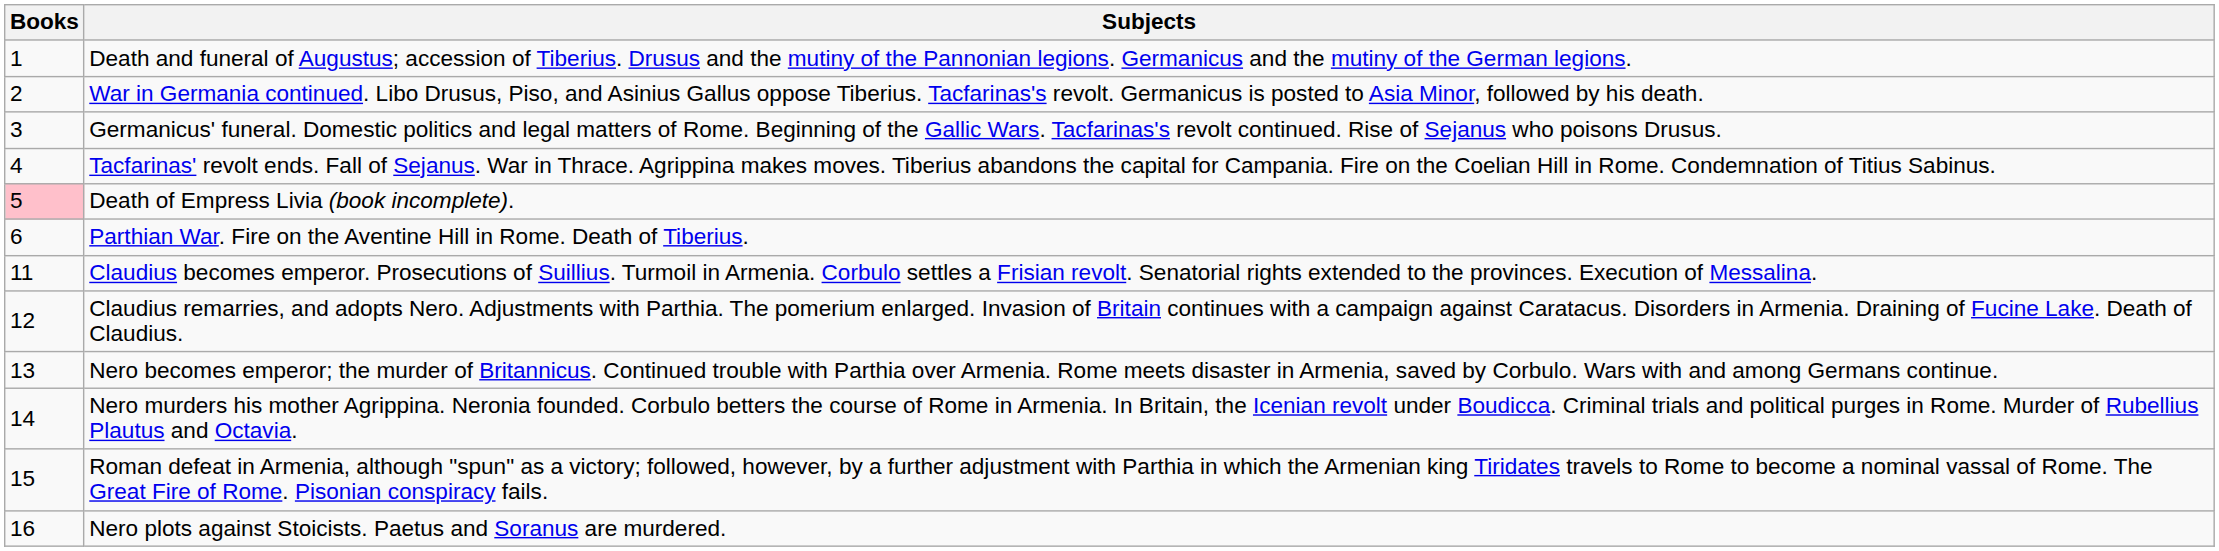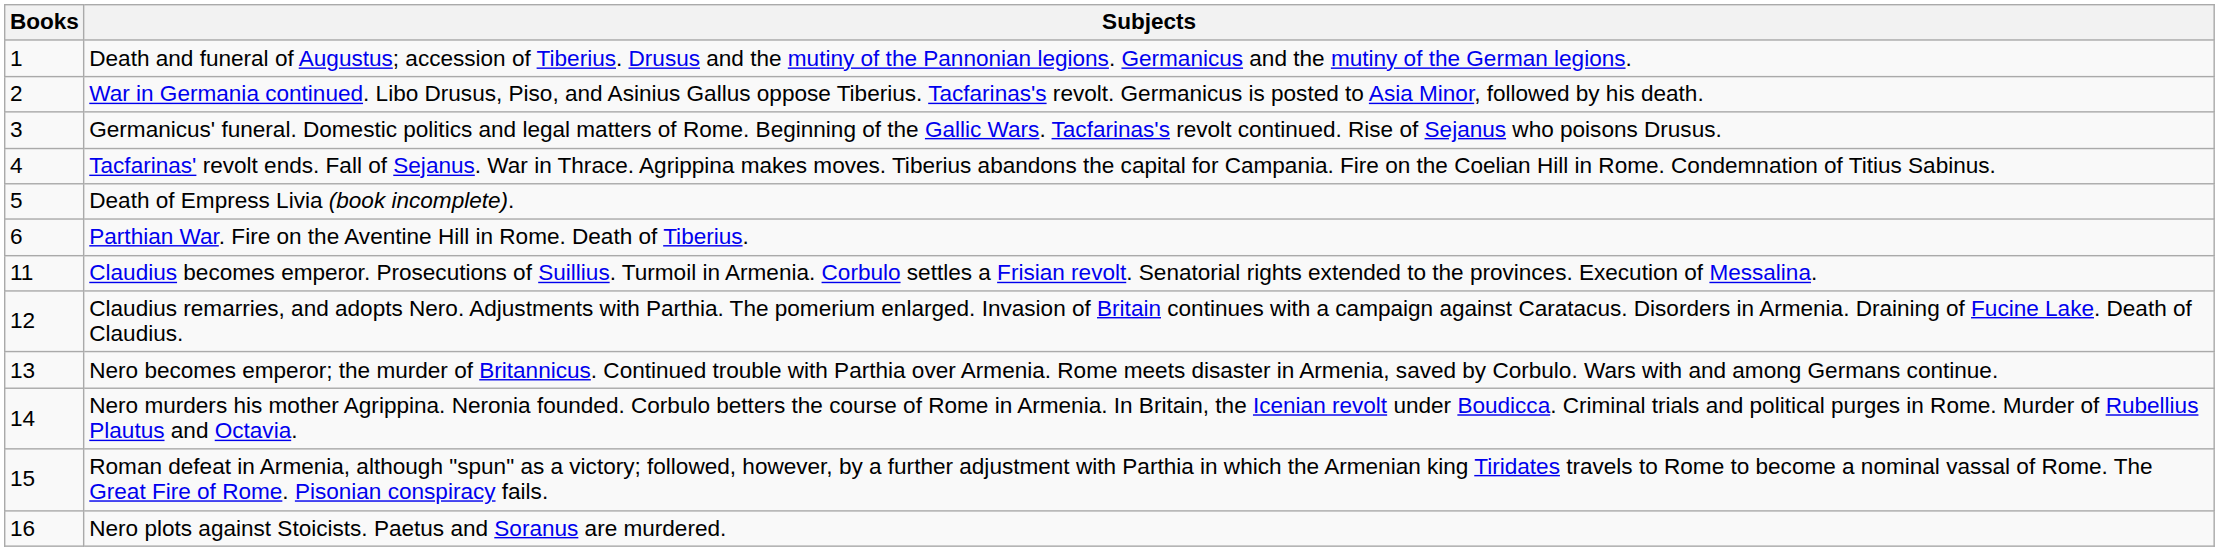 <table class="wikitable">
 <tr>
 <th>Books</th>
 <th>Subjects</th>
 </tr>
 <tr>
 <td>1</td>
 <td>Death and funeral of <a href='#'>Augustus</a>; accession of <a href='#'>Tiberius</a>. <a href='#'>Drusus</a> and the <a href='#'>mutiny of the Pannonian legions</a>. <a href='#'>Germanicus</a> and the <a href='#'>mutiny of the German legions</a>.</td>
 </tr>
 <tr>
 <td>2</td>
 <td><a href='#'>War in Germania continued</a>. Libo Drusus, Piso, and Asinius Gallus oppose Tiberius. <a href='#'>Tacfarinas's</a> revolt. Germanicus is posted to <a href='#'>Asia Minor</a>, followed by his death.</td>
 </tr>
 <tr>
 <td>3</td>
 <td>Germanicus' funeral. Domestic politics and legal matters of Rome. Beginning of the <a href='#'>Gallic Wars</a>. <a href='#'>Tacfarinas's</a> revolt continued. Rise of <a href='#'>Sejanus</a> who poisons Drusus.</td>
 </tr>
 <tr>
 <td>4</td>
 <td><a href='#'>Tacfarinas'</a> revolt ends. Fall of <a href='#'>Sejanus</a>. War in Thrace. Agrippina makes moves. Tiberius abandons the capital for Campania. Fire on the Coelian Hill in Rome. Condemnation of Titius Sabinus.</td>
 </tr>
 <tr>
-<td style="background: pink;">5</td>
+<td>5</td>
 <td>Death of Empress Livia <em>(book incomplete)</em>.</td>
 </tr>
 <tr>
 <td>6</td>
 <td><a href='#'>Parthian War</a>. Fire on the Aventine Hill in Rome. Death of <a href='#'>Tiberius</a>.</td>
 </tr>
 <tr>
 <td>11</td>
 <td><a href='#'>Claudius</a> becomes emperor. Prosecutions of <a href='#'>Suillius</a>. Turmoil in Armenia. <a href='#'>Corbulo</a> settles a <a href='#'>Frisian revolt</a>. Senatorial rights extended to the provinces. Execution of <a href='#'>Messalina</a>.</td>
 </tr>
 <tr>
 <td>12</td>
 <td>Claudius remarries, and adopts Nero. Adjustments with Parthia. The pomerium enlarged. Invasion of <a href='#'>Britain</a> continues with a campaign against Caratacus. Disorders in Armenia. Draining of <a href='#'>Fucine Lake</a>. Death of Claudius.</td>
 </tr>
 <tr>
 <td>13</td>
 <td>Nero becomes emperor; the murder of <a href='#'>Britannicus</a>. Continued trouble with Parthia over Armenia. Rome meets disaster in Armenia, saved by Corbulo.  Wars with and among Germans continue.</td>
 </tr>
 <tr>
 <td>14</td>
 <td>Nero murders his mother Agrippina. Neronia founded. Corbulo betters the course of Rome in Armenia. In Britain, the <a href='#'>Icenian revolt</a> under <a href='#'>Boudicca</a>. Criminal trials and political purges in Rome. Murder of <a href='#'>Rubellius Plautus</a> and <a href='#'>Octavia</a>.</td>
 </tr>
 <tr>
 <td>15</td>
 <td>Roman defeat in Armenia, although "spun" as a victory; followed, however, by a further adjustment with Parthia in which the Armenian king <a href='#'>Tiridates</a> travels to Rome to become a nominal vassal of Rome. The <a href='#'>Great Fire of Rome</a>. <a href='#'>Pisonian conspiracy</a> fails.</td>
 </tr>
 <tr>
 <td>16</td>
 <td>Nero plots against Stoicists. Paetus and <a href='#'>Soranus</a> are murdered.</td>
 </tr>
 </table>
